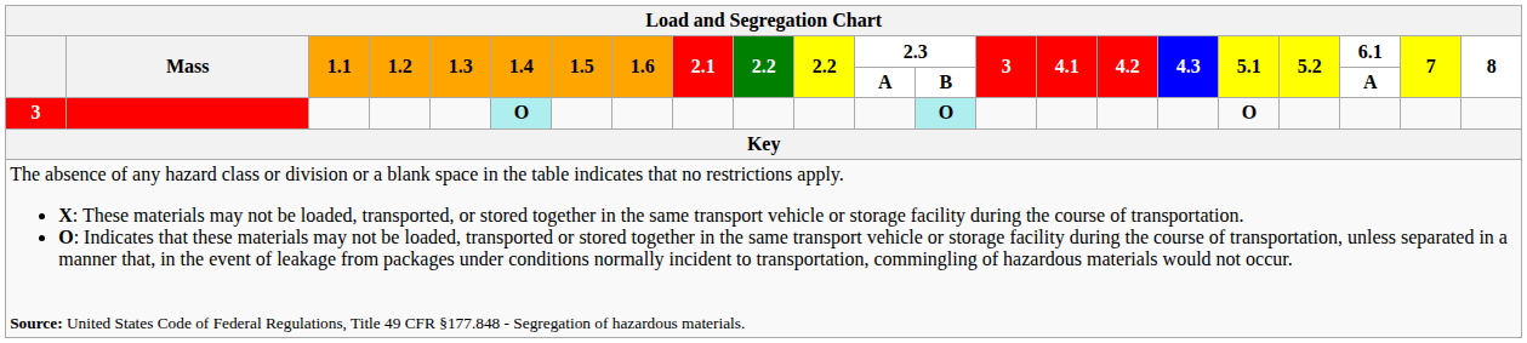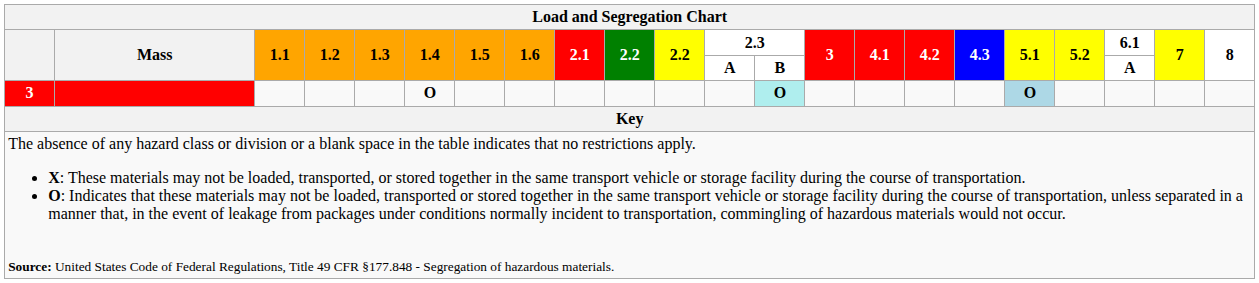 <table width=99% align=center class=wikitable>
 <tr>
 <th colspan=22>Load and Segregation Chart</th>
 </tr>
 <tr>
 <th rowspan=2 width=4%> </th>
 <th rowspan=2>Mass</th>
 <td rowspan=2 style="text-align:center;background-color:orange;" width=4%><strong>1.1</strong></td>
 <td rowspan=2 style="text-align:center;background-color:orange;" width=4%><strong>1.2</strong></td>
 <td rowspan=2 style="text-align:center;background-color:orange;" width=4%><strong>1.3</strong></td>
 <td rowspan=2 style="text-align:center;background-color:orange;" width=4%><strong>1.4</strong></td>
 <td rowspan=2 style="text-align:center;background-color:orange;" width=4%><strong>1.5</strong></td>
 <td rowspan=2 style="text-align:center;background-color:orange;" width=4%><strong>1.6</strong></td>
 <td rowspan=2 style="text-align:center;background-color:red;color:white;" width=4%><strong>2.1</strong></td>
 <td rowspan=2 style="text-align:center;background-color:green;color:white;" width=4%><strong>2.2</strong></td>
 <td rowspan=2 style="text-align:center;background-color:yellow;" width=4%><strong>2.2</strong></td>
 <td colspan=2 style="text-align:center;background-color:white;" width=8%><strong>2.3</strong></td>
 <td rowspan=2 style="text-align:center;background-color:red;color:white;" width=4%><strong>3</strong></td>
 <td rowspan=2 style="text-align:center;background-color:red;color:white;" width=4%><strong>4.1</strong></td>
 <td rowspan=2 style="text-align:center;background-color:red;color:white;" width=4%><strong>4.2</strong></td>
 <td rowspan=2 style="text-align:center;background-color:blue;color:white;" width=4%><strong>4.3</strong></td>
 <td rowspan=2 style="text-align:center;background-color:yellow;" width=4%><strong>5.1</strong></td>
 <td rowspan=2 style="text-align:center;background-color:yellow;" width=4%><strong>5.2</strong></td>
 <td style="text-align:center;background-color:white;" width=4%><strong>6.1</strong></td>
 <td rowspan=2 style="text-align:center;background-color:yellow;" width=4%><strong>7</strong></td>
 <td rowspan=2 style="text-align:center;background-color:white;" width=4%><strong>8</strong></td>
 </tr>
 <tr>
 <td style="text-align:center;background-color:white;" width=4%><strong>A</strong></td>
 <td style="text-align:center;background-color:white;" width=4%><strong>B</strong></td>
 <td style="text-align:center;background-color:white;"><strong>A</strong></td>
 </tr>
 <tr>
 <td style="text-align:center;background-color:red;color:white;"><strong>3</strong></td>
 <td style="text-align:center;background-color:red;color:white;"><strong></strong></td>
 <td></td>
 <td></td>
 <td></td>
-<td style="background: paleturquoise; text-align:center;"><strong>O</strong></td>
+<td style="text-align:center;"><strong>O</strong></td>
 <td></td>
 <td style="text-align:center;"> </td>
 <td style="text-align:center;"> </td>
 <td style="text-align:center;"> </td>
 <td style="text-align:center;"> </td>
 <td></td>
 <td style="background: paleturquoise; text-align:center;"><strong>O</strong></td>
 <td style="text-align:center;"> </td>
 <td style="text-align:center;"> </td>
 <td style="text-align:center;"> </td>
 <td style="text-align:center;"> </td>
-<td style="text-align:center;"><strong>O</strong></td>
+<td style="background: lightblue; text-align:center;"><strong>O</strong></td>
 <td style="text-align:center;"> </td>
 <td></td>
 <td style="text-align:center;"> </td>
 <td style="text-align:center;"> </td>
 </tr>
 <tr>
 <th colspan=22>Key</th>
 </tr>
 <tr>
 <td colspan=22>The absence of any hazard class or division or a blank space in the table indicates that no restrictions apply.<br><ul><li><strong>X</strong>: These materials may not be loaded, transported, or stored together in the same transport vehicle or storage facility during the course of transportation.</li><li><strong>O</strong>: Indicates that these materials may not be loaded, transported or stored together in the same transport vehicle or storage facility during the course of transportation, unless separated in a manner that, in the event of leakage from packages under conditions normally incident to transportation, commingling of hazardous materials would not occur.</li></ul><br><small><strong>Source:</strong> United States Code of Federal Regulations, Title 49 CFR §177.848 - Segregation of hazardous materials. </small></td>
 </tr>
 </table>
